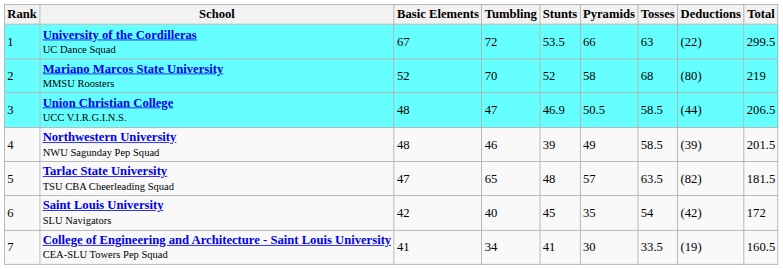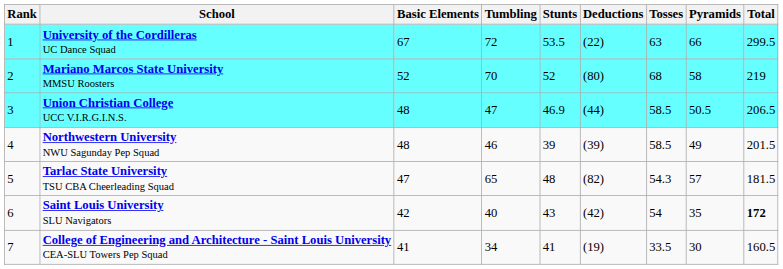 <table class="wikitable" style="text align: center">
 <tr bgcolor="#efefef">
 <th>Rank</th>
 <th>School</th>
 <th>Basic Elements</th>
 <th>Tumbling</th>
 <th>Stunts</th>
+<th>Deductions</th>
+<th>Tosses</th>
 <th>Pyramids</th>
-<th>Tosses</th>
-<th>Deductions</th>
 <th>Total</th>
 </tr>
 <tr bgcolor="66FFFF">
 <td>1</td>
 <td><strong><a href='#'>University of the Cordilleras</a></strong> <br> <small>UC Dance Squad</small></td>
 <td>67</td>
 <td>72</td>
 <td>53.5</td>
+<td>(22)</td>
+<td>63</td>
 <td>66</td>
-<td>63</td>
-<td>(22)</td>
 <td>299.5</td>
 </tr>
 <tr bgcolor="66FFFF">
 <td>2</td>
 <td><strong><a href='#'>Mariano Marcos State University</a></strong> <br> <small>MMSU Roosters</small></td>
 <td>52</td>
 <td>70</td>
 <td>52</td>
+<td>(80)</td>
+<td>68</td>
 <td>58</td>
-<td>68</td>
-<td>(80)</td>
 <td>219</td>
 </tr>
 <tr bgcolor="66FFFF">
 <td>3</td>
 <td><strong><a href='#'>Union Christian College</a></strong> <br> <small>UCC V.I.R.G.I.N.S.</small></td>
 <td>48</td>
 <td>47</td>
 <td>46.9</td>
+<td>(44)</td>
+<td>58.5</td>
 <td>50.5</td>
-<td>58.5</td>
-<td>(44)</td>
 <td>206.5</td>
 </tr>
 <tr>
 <td>4</td>
 <td><strong><a href='#'>Northwestern University</a></strong> <br> <small>NWU Sagunday Pep Squad</small></td>
 <td>48</td>
 <td>46</td>
 <td>39</td>
+<td>(39)</td>
+<td>58.5</td>
 <td>49</td>
-<td>58.5</td>
-<td>(39)</td>
 <td>201.5</td>
 </tr>
 <tr>
 <td>5</td>
 <td><strong><a href='#'>Tarlac State University</a></strong> <br> <small>TSU CBA Cheerleading Squad</small></td>
 <td>47</td>
 <td>65</td>
 <td>48</td>
+<td>(82)</td>
+<td>54.3</td>
 <td>57</td>
-<td>63.5</td>
-<td>(82)</td>
 <td>181.5</td>
 </tr>
 <tr>
 <td>6</td>
 <td><strong><a href='#'>Saint Louis University</a></strong> <br> <small>SLU Navigators</small></td>
 <td>42</td>
 <td>40</td>
-<td>45</td>
+<td>43</td>
+<td>(42)</td>
+<td>54</td>
 <td>35</td>
-<td>54</td>
-<td>(42)</td>
-<td>172</td>
+<td><strong>172</strong></td>
 </tr>
 <tr>
 <td>7</td>
 <td><strong><a href='#'>College of Engineering and Architecture - Saint Louis University</a></strong> <br> <small>CEA-SLU Towers Pep Squad</small></td>
 <td>41</td>
 <td>34</td>
 <td>41</td>
+<td>(19)</td>
+<td>33.5</td>
 <td>30</td>
-<td>33.5</td>
-<td>(19)</td>
 <td>160.5</td>
 </tr>
 </table>
